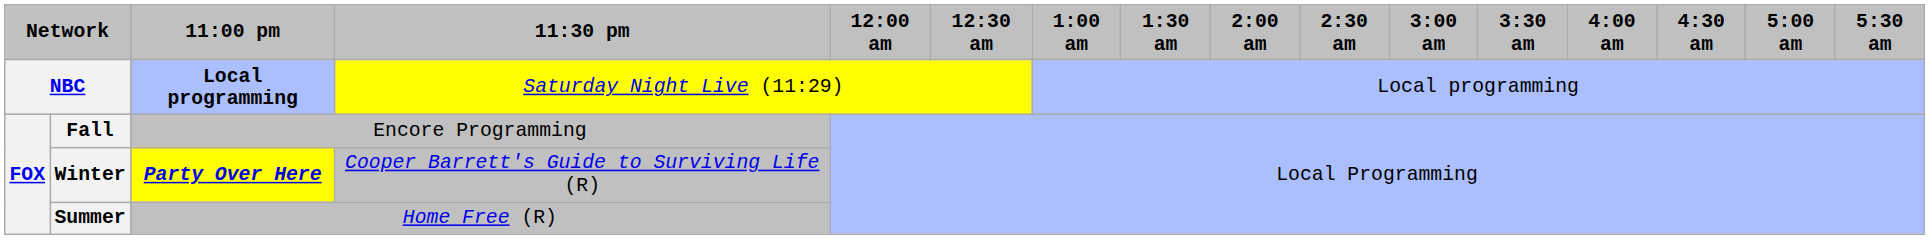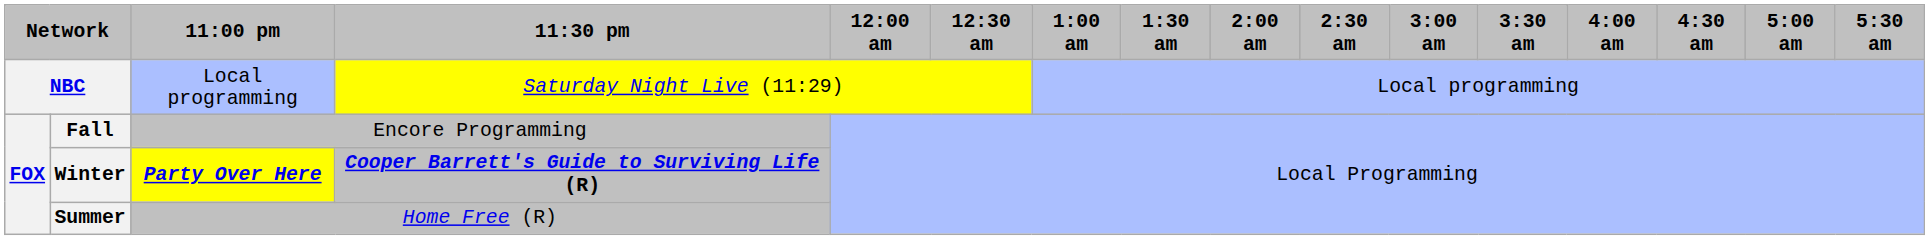 <table class="wikitable" style="width:100%;margin-right:0;text-align:center">
 <tr>
 <th colspan="2" style="background-color:#C0C0C0;text-align:center">Network</th>
 <th style="background-color:#C0C0C0;text-align:center">11:00 pm</th>
 <th style="background-color:#C0C0C0;text-align:center">11:30 pm</th>
 <th style="background-color:#C0C0C0;text-align:center">12:00 am</th>
 <th style="background-color:#C0C0C0;text-align:center">12:30 am</th>
 <th style="background-color:#C0C0C0;text-align:center">1:00 am</th>
 <th style="background-color:#C0C0C0;text-align:center">1:30 am</th>
 <th style="background-color:#C0C0C0;text-align:center">2:00 am</th>
 <th style="background-color:#C0C0C0;text-align:center">2:30 am</th>
 <th style="background-color:#C0C0C0;text-align:center">3:00 am</th>
 <th style="background-color:#C0C0C0;text-align:center">3:30 am</th>
 <th style="background-color:#C0C0C0;text-align:center">4:00 am</th>
 <th style="background-color:#C0C0C0;text-align:center">4:30 am</th>
 <th style="background-color:#C0C0C0;text-align:center">5:00 am</th>
 <th style="background-color:#C0C0C0;text-align:center">5:30 am</th>
 </tr>
 <tr>
 <th colspan="2"><a href='#'>NBC</a></th>
-<td style="background:#abbfff"><strong>Local programming</strong></td>
+<td style="background:#abbfff">Local programming</td>
 <td colspan="3" style="background:yellow"><em><a href='#'>Saturday Night Live</a></em> (11:29)</td>
 <td colspan="10" style="background:#abbfff">Local programming </td>
 </tr>
 <tr>
 <th rowspan="3"><a href='#'>FOX</a></th>
 <th>Fall</th>
 <td colspan="2" style="background:#C0C0C0">Encore Programming</td>
 <td colspan="12" rowspan="3" style="background:#abbfff">Local Programming</td>
 </tr>
 <tr>
 <th>Winter</th>
 <td colspan="1" rowspan style="background:yellow"><strong><em><a href='#'>Party Over Here</a></em></strong></td>
-<td colspan="1" style="background:#C0C0C0"><em><a href='#'>Cooper Barrett's Guide to Surviving Life</a></em> (R)</td>
+<td colspan="1" style="background:#C0C0C0"><strong><em><a href='#'>Cooper Barrett's Guide to Surviving Life</a></em> (R)</strong></td>
 </tr>
 <tr>
 <th>Summer</th>
 <td colspan="2"  style="background:#C0C0C0"><em><a href='#'>Home Free</a></em> (R)</td>
 </tr>
 </table>
